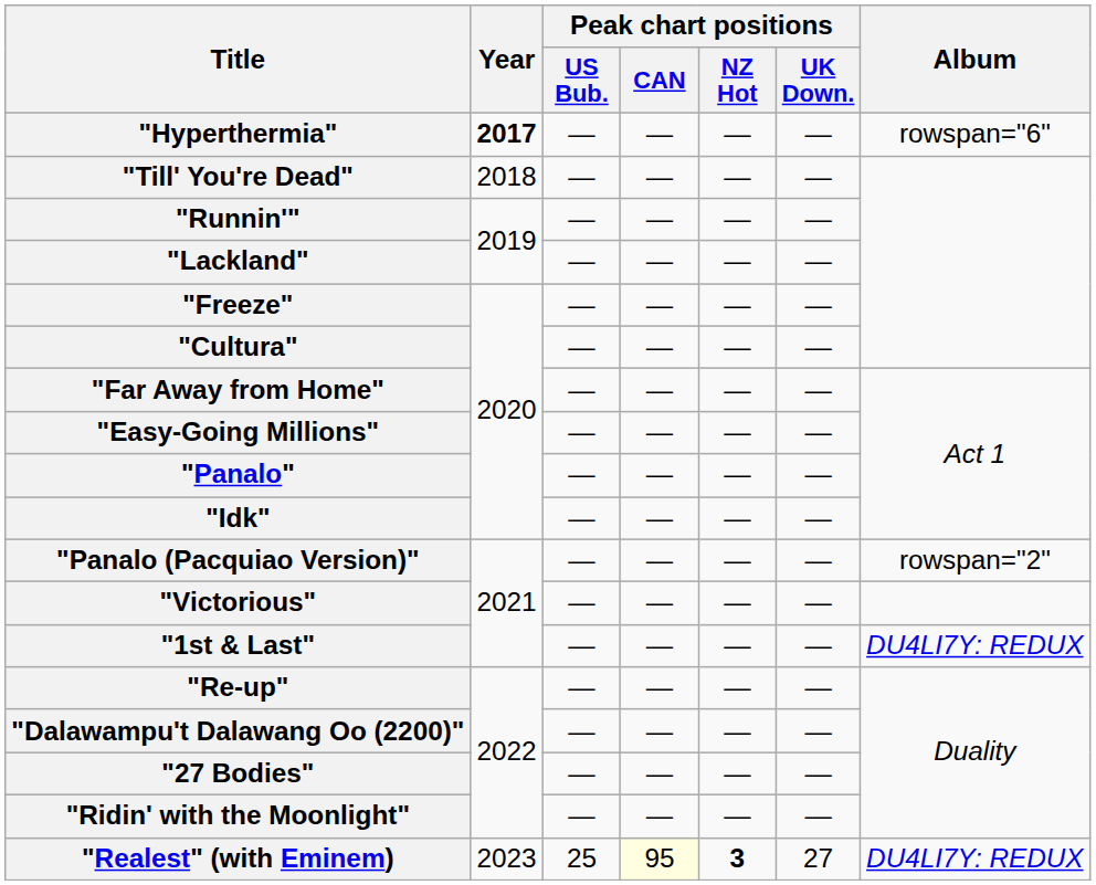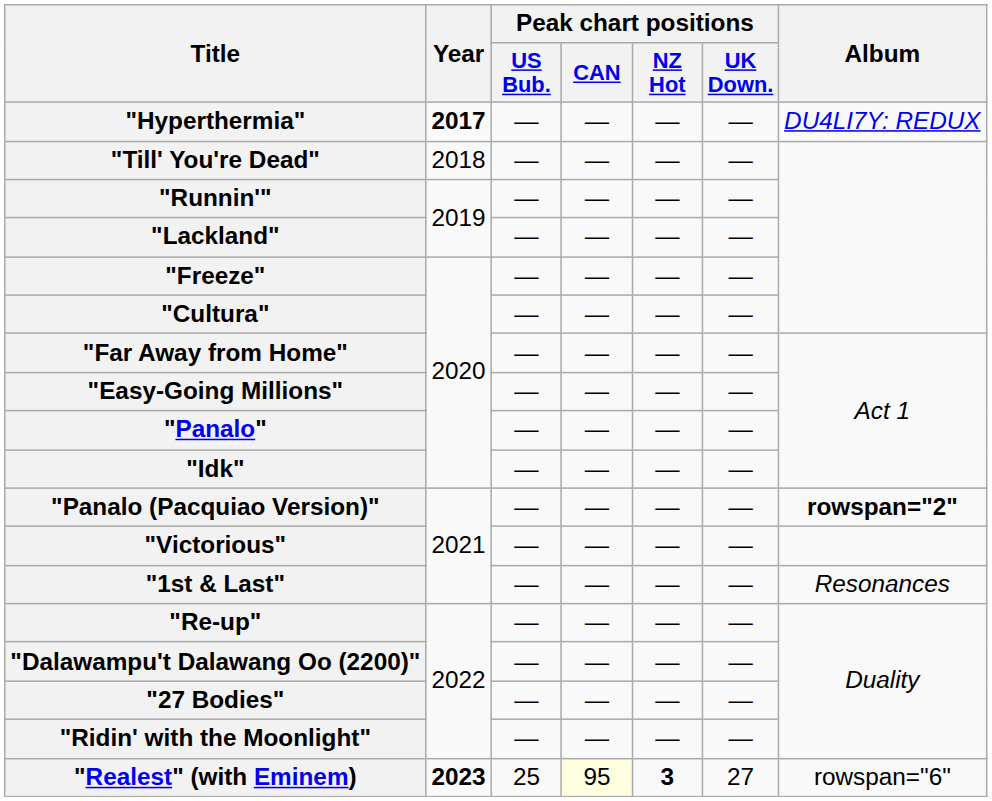 <table class="wikitable plainrowheaders" style="text-align:center;">
 <tr>
 <th scope="col" rowspan="2">Title</th>
 <th scope="col" rowspan="2">Year</th>
 <th scope="col" colspan="4">Peak chart positions</th>
 <th scope="col" rowspan="2">Album</th>
 </tr>
 <tr>
 <th scope="col" style="width:2.75em;font-size:90%;"><a href='#'>US<br>Bub.</a><br></th>
 <th scope="col" style="width:2.75em;font-size:90%;"><a href='#'>CAN</a><br></th>
 <th scope="col" style="width:2.75em;font-size:90%;"><a href='#'>NZ<br>Hot</a><br></th>
 <th scope="col" style="width:2.75em;font-size:90%;"><a href='#'>UK<br>Down.</a><br></th>
 </tr>
 <tr>
 <th scope="row">"Hyperthermia"</th>
 <td><strong>2017</strong></td>
 <td>—</td>
 <td>—</td>
 <td>—</td>
 <td>—</td>
-<td>rowspan="6" </td>
+<td><em><a href='#'>DU4LI7Y: REDUX</a></em></td>
 </tr>
 <tr>
 <th scope="row">"Till' You're Dead"</th>
 <td>2018</td>
 <td>—</td>
 <td>—</td>
 <td>—</td>
 <td>—</td>
 </tr>
 <tr>
 <th scope="row">"Runnin'"</th>
 <td rowspan="2">2019</td>
 <td>—</td>
 <td>—</td>
 <td>—</td>
 <td>—</td>
 </tr>
 <tr>
 <th scope="row">"Lackland"</th>
 <td>—</td>
 <td>—</td>
 <td>—</td>
 <td>—</td>
 </tr>
 <tr>
 <th scope="row">"Freeze"</th>
 <td rowspan="6">2020</td>
 <td>—</td>
 <td>—</td>
 <td>—</td>
 <td>—</td>
 </tr>
 <tr>
 <th scope="row">"Cultura"</th>
 <td>—</td>
 <td>—</td>
 <td>—</td>
 <td>—</td>
 </tr>
 <tr>
 <th scope="row">"Far Away from Home"</th>
 <td>—</td>
 <td>—</td>
 <td>—</td>
 <td>—</td>
 <td rowspan="4"><em>Act 1</em></td>
 </tr>
 <tr>
 <th scope="row">"Easy-Going Millions"</th>
 <td>—</td>
 <td>—</td>
 <td>—</td>
 <td>—</td>
 </tr>
 <tr>
 <th scope="row">"<a href='#'>Panalo</a>"</th>
 <td>—</td>
 <td>—</td>
 <td>—</td>
 <td>—</td>
 </tr>
 <tr>
 <th scope="row">"Idk"</th>
 <td>—</td>
 <td>—</td>
 <td>—</td>
 <td>—</td>
 </tr>
 <tr>
 <th scope="row">"Panalo (Pacquiao Version)"</th>
 <td rowspan="3">2021</td>
 <td>—</td>
 <td>—</td>
 <td>—</td>
 <td>—</td>
-<td>rowspan="2" </td>
+<td><strong>rowspan="2" </strong></td>
 </tr>
 <tr>
 <th scope="row">"Victorious"</th>
 <td>—</td>
 <td>—</td>
 <td>—</td>
 <td>—</td>
 </tr>
 <tr>
 <th scope="row">"1st & Last"</th>
 <td>—</td>
 <td>—</td>
 <td>—</td>
 <td>—</td>
-<td><em><a href='#'>DU4LI7Y: REDUX</a></em></td>
+<td><em>Resonances</em></td>
 </tr>
 <tr>
 <th scope="row">"Re-up"</th>
 <td rowspan="4">2022</td>
 <td>—</td>
 <td>—</td>
 <td>—</td>
 <td>—</td>
 <td rowspan="4"><em>Duality</em></td>
 </tr>
 <tr>
 <th scope="row">"Dalawampu't Dalawang Oo (2200)"</th>
 <td>—</td>
 <td>—</td>
 <td>—</td>
 <td>—</td>
 </tr>
 <tr>
 <th scope="row">"27 Bodies"</th>
 <td>—</td>
 <td>—</td>
 <td>—</td>
 <td>—</td>
 </tr>
 <tr>
 <th scope="row">"Ridin' with the Moonlight"</th>
 <td>—</td>
 <td>—</td>
 <td>—</td>
 <td>—</td>
 </tr>
 <tr>
 <th scope="row">"<a href='#'>Realest</a>" <span>(with <a href='#'>Eminem</a>)</span></th>
-<td>2023</td>
+<td><strong>2023</strong></td>
 <td>25</td>
 <td style="background: lightyellow;">95</td>
 <td><strong>3</strong></td>
 <td>27</td>
-<td><em><a href='#'>DU4LI7Y: REDUX</a></em></td>
+<td>rowspan="6" </td>
 </tr>
 <tr>
 </tr>
 </table>
